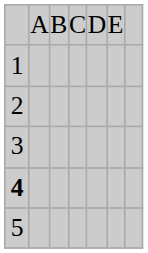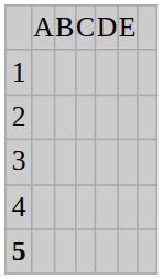 <table class="wikitable floatright" style="font-size:100%;text-align:center;background-color:#ccc;">
 <tr>
 <td> </td>
 <td style="padding:0px;">A</td>
 <td style="padding:0px;">B</td>
 <td style="padding:0px;">C</td>
 <td style="padding:0px;">D</td>
 <td style="padding:0px;">E</td>
 <td> </td>
 </tr>
 <tr>
 <td>1</td>
 <td style="padding:0px;"> </td>
 <td style="padding:0px;"></td>
 <td style="padding:0px;"></td>
 <td style="padding:0px;"> </td>
 <td style="padding:0px;"> </td>
 <td> </td>
 </tr>
 <tr>
 <td>2</td>
 <td style="padding:0px;"></td>
 <td style="padding:0px;"></td>
 <td style="padding:0px;"></td>
 <td style="padding:0px;"> </td>
 <td style="padding:0px;"> </td>
 <td> </td>
 </tr>
 <tr>
 <td>3</td>
 <td style="padding:0px;"> </td>
 <td style="padding:0px;"></td>
 <td style="padding:0px;"></td>
 <td style="padding:0px;"></td>
 <td style="padding:0px;"></td>
 <td> </td>
 </tr>
 <tr>
-<td><strong>4</strong></td>
+<td>4</td>
 <td style="padding:0px;"> </td>
 <td style="padding:0px;"></td>
 <td style="padding:0px;"></td>
 <td style="padding:0px;"></td>
 <td style="padding:0px;"> </td>
 <td> </td>
 </tr>
 <tr>
-<td>5</td>
+<td><strong>5</strong></td>
 <td style="padding:0px;"> </td>
 <td style="padding:0px;"> </td>
 <td style="padding:0px;"></td>
 <td style="padding:0px;"> </td>
 <td style="padding:0px;"> </td>
 <td> </td>
 </tr>
 </table>
